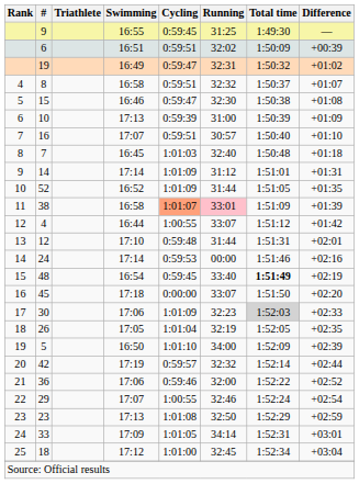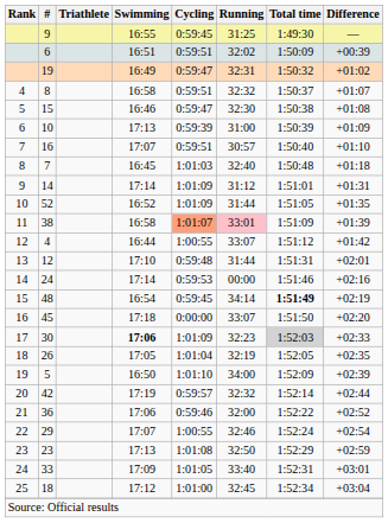 <table class="wikitable sortable" style="text-align:center">
 <tr>
 <th data-sort-type="number">Rank</th>
 <th>#</th>
 <th>Triathlete</th>
 <th>Swimming</th>
 <th>Cycling</th>
 <th>Running</th>
 <th>Total time</th>
 <th>Difference</th>
 </tr>
 <tr style="background:#F7F6A8;”">
 <td></td>
 <td>9</td>
 <td align=left></td>
 <td>16:55</td>
 <td>0:59:45</td>
 <td>31:25</td>
 <td>1:49:30</td>
 <td>—</td>
 </tr>
 <tr style="background:#DCE5E5;”">
 <td></td>
 <td>6</td>
 <td align=left></td>
 <td>16:51</td>
 <td>0:59:51</td>
 <td>32:02</td>
 <td>1:50:09</td>
 <td>+00:39</td>
 </tr>
 <tr style="background:#FFDAB9;">
 <td></td>
 <td>19</td>
 <td align=left></td>
 <td>16:49</td>
 <td>0:59:47</td>
 <td>32:31</td>
 <td>1:50:32</td>
 <td>+01:02</td>
 </tr>
 <tr>
 <td>4</td>
 <td>8</td>
 <td align=left></td>
 <td>16:58</td>
 <td>0:59:51</td>
 <td>32:32</td>
 <td>1:50:37</td>
 <td>+01:07</td>
 </tr>
 <tr>
 <td>5</td>
 <td>15</td>
 <td align=left></td>
 <td>16:46</td>
 <td>0:59:47</td>
 <td>32:30</td>
 <td>1:50:38</td>
 <td>+01:08</td>
 </tr>
 <tr>
 <td>6</td>
 <td>10</td>
 <td align=left></td>
 <td>17:13</td>
 <td>0:59:39</td>
 <td>31:00</td>
 <td>1:50:39</td>
 <td>+01:09</td>
 </tr>
 <tr>
 <td>7</td>
 <td>16</td>
 <td align=left></td>
 <td>17:07</td>
 <td>0:59:51</td>
 <td>30:57</td>
 <td>1:50:40</td>
 <td>+01:10</td>
 </tr>
 <tr>
 <td>8</td>
 <td>7</td>
 <td align=left></td>
 <td>16:45</td>
 <td>1:01:03</td>
 <td>32:40</td>
 <td>1:50:48</td>
 <td>+01:18</td>
 </tr>
 <tr>
 <td>9</td>
 <td>14</td>
 <td align=left></td>
 <td>17:14</td>
 <td>1:01:09</td>
 <td>31:12</td>
 <td>1:51:01</td>
 <td>+01:31</td>
 </tr>
 <tr>
 <td>10</td>
 <td>52</td>
 <td align=left></td>
 <td>16:52</td>
 <td>1:01:09</td>
 <td>31:44</td>
 <td>1:51:05</td>
 <td>+01:35</td>
 </tr>
 <tr>
 <td>11</td>
 <td>38</td>
 <td align=left></td>
 <td>16:58</td>
 <td style="background: lightsalmon;">1:01:07</td>
 <td style="background: pink;">33:01</td>
 <td>1:51:09</td>
 <td>+01:39</td>
 </tr>
 <tr>
 <td>12</td>
 <td>4</td>
 <td align=left></td>
 <td>16:44</td>
 <td>1:00:55</td>
 <td>33:07</td>
 <td>1:51:12</td>
 <td>+01:42</td>
 </tr>
 <tr>
 <td>13</td>
 <td>12</td>
 <td align=left></td>
 <td>17:10</td>
 <td>0:59:48</td>
 <td>31:44</td>
 <td>1:51:31</td>
 <td>+02:01</td>
 </tr>
 <tr>
 <td>14</td>
 <td>24</td>
 <td align=left></td>
 <td>17:14</td>
 <td>0:59:53</td>
 <td>00:00</td>
 <td>1:51:46</td>
 <td>+02:16</td>
 </tr>
 <tr>
 <td>15</td>
 <td>48</td>
 <td align=left></td>
 <td>16:54</td>
 <td>0:59:45</td>
-<td>33:40</td>
+<td>34:14</td>
 <td><strong>1:51:49</strong></td>
 <td>+02:19</td>
 </tr>
 <tr>
 <td>16</td>
 <td>45</td>
 <td align=left></td>
 <td>17:18</td>
 <td>0:00:00</td>
 <td>33:07</td>
 <td>1:51:50</td>
 <td>+02:20</td>
 </tr>
 <tr>
 <td>17</td>
 <td>30</td>
 <td align=left></td>
-<td>17:06</td>
+<td><strong>17:06</strong></td>
 <td>1:01:09</td>
 <td>32:23</td>
 <td style="background: lightgrey;">1:52:03</td>
 <td>+02:33</td>
 </tr>
 <tr>
 <td>18</td>
 <td>26</td>
 <td align=left></td>
 <td>17:05</td>
 <td>1:01:04</td>
 <td>32:19</td>
 <td>1:52:05</td>
 <td>+02:35</td>
 </tr>
 <tr>
 <td>19</td>
 <td>5</td>
 <td align=left></td>
 <td>16:50</td>
 <td>1:01:10</td>
 <td>34:00</td>
 <td>1:52:09</td>
 <td>+02:39</td>
 </tr>
 <tr>
 <td>20</td>
 <td>42</td>
 <td align=left></td>
 <td>17:19</td>
 <td>0:59:57</td>
 <td>32:32</td>
 <td>1:52:14</td>
 <td>+02:44</td>
 </tr>
 <tr>
 <td>21</td>
 <td>36</td>
 <td align=left></td>
 <td>17:06</td>
 <td>0:59:46</td>
 <td>32:00</td>
 <td>1:52:22</td>
 <td>+02:52</td>
 </tr>
 <tr>
 <td>22</td>
 <td>29</td>
 <td align=left></td>
 <td>17:07</td>
 <td>1:00:55</td>
 <td>32:46</td>
 <td>1:52:24</td>
 <td>+02:54</td>
 </tr>
 <tr>
 <td>23</td>
 <td>23</td>
 <td align=left></td>
 <td>17:13</td>
 <td>1:01:08</td>
 <td>32:50</td>
 <td>1:52:29</td>
 <td>+02:59</td>
 </tr>
 <tr>
 <td>24</td>
 <td>33</td>
 <td align=left></td>
 <td>17:09</td>
 <td>1:01:05</td>
-<td>34:14</td>
+<td>33:40</td>
 <td>1:52:31</td>
 <td>+03:01</td>
 </tr>
 <tr>
 <td>25</td>
 <td>18</td>
 <td align=left></td>
 <td>17:12</td>
 <td>1:01:00</td>
 <td>32:45</td>
 <td>1:52:34</td>
 <td>+03:04</td>
 </tr>
 <tr>
 </tr>
 <tr class="sortbottom">
 <td colspan="9" style="text-align:left;">Source: Official results</td>
 </tr>
 </table>
